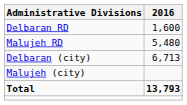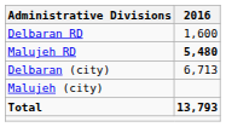 <table class="wikitable">
 <tr>
 <th>Administrative Divisions</th>
 <th>2016</th>
 </tr>
 <tr>
 <td><a href='#'>Delbaran RD</a></td>
 <td style="text-align: right;">1,600</td>
 </tr>
 <tr>
 <td><a href='#'>Malujeh RD</a></td>
-<td style="text-align: right;">5,480</td>
+<td style="text-align: right;"><strong>5,480</strong></td>
 </tr>
 <tr>
 <td><a href='#'>Delbaran</a> (city)</td>
 <td style="text-align: right;">6,713</td>
 </tr>
 <tr>
 <td><a href='#'>Malujeh</a> (city)</td>
 <td style="text-align: right;"></td>
 </tr>
 <tr>
 <td><strong>Total</strong></td>
 <td style="text-align: right;"><strong>13,793</strong></td>
 </tr>
 <tr>
 <td colspan=2></td>
 </tr>
 </table>
